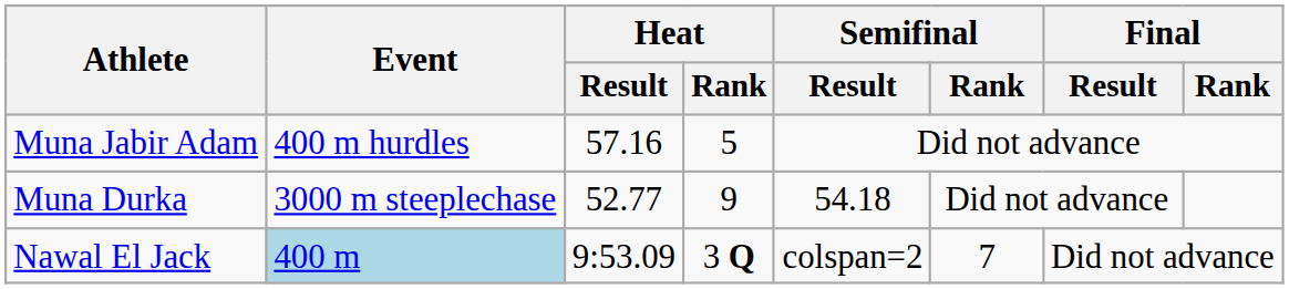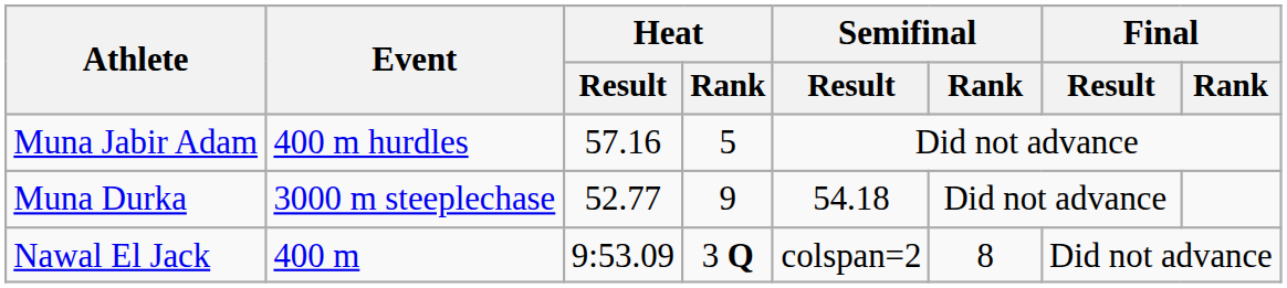 <table class="wikitable" style="font-size:90%">
 <tr>
 <th rowspan="2">Athlete</th>
 <th rowspan="2">Event</th>
 <th colspan="2">Heat</th>
 <th colspan="2">Semifinal</th>
 <th colspan="2">Final</th>
 </tr>
 <tr style="font-size:95%">
 <th>Result</th>
 <th>Rank</th>
 <th>Result</th>
 <th>Rank</th>
 <th>Result</th>
 <th>Rank</th>
 </tr>
 <tr align=center>
 <td align=left><a href='#'>Muna Jabir Adam</a></td>
 <td align=left><a href='#'>400 m hurdles</a></td>
 <td>57.16</td>
 <td>5</td>
 <td colspan=4>Did not advance</td>
 </tr>
 <tr align=center>
 <td align=left><a href='#'>Muna Durka</a></td>
 <td align=left><a href='#'>3000 m steeplechase</a></td>
 <td>52.77</td>
 <td>9</td>
 <td>54.18</td>
 <td colspan=2>Did not advance</td>
 </tr>
 <tr align=center>
 <td align=left><a href='#'>Nawal El Jack</a></td>
-<td align=left style="background: lightblue;"><a href='#'>400 m</a></td>
+<td align=left><a href='#'>400 m</a></td>
 <td>9:53.09</td>
 <td>3 <strong>Q</strong></td>
 <td>colspan=2 </td>
-<td>7</td>
+<td>8</td>
 <td colspan=2>Did not advance</td>
 </tr>
 </table>
